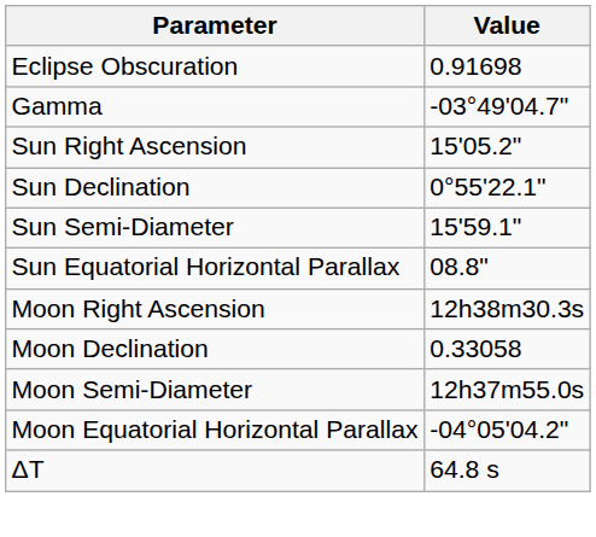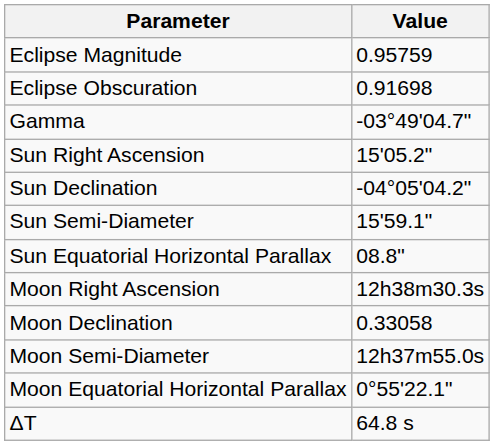 <table class="wikitable">
 <tr>
 <th>Parameter</th>
 <th>Value</th>
+</tr>
+<tr>
+<td>Eclipse Magnitude</td>
+<td>0.95759</td>
 </tr>
 <tr>
 <td>Eclipse Obscuration</td>
 <td>0.91698</td>
 </tr>
 <tr>
 <td>Gamma</td>
 <td>-03°49'04.7"</td>
 </tr>
 <tr>
 <td>Sun Right Ascension</td>
 <td>15'05.2"</td>
 </tr>
 <tr>
 <td>Sun Declination</td>
-<td>0°55'22.1"</td>
+<td>-04°05'04.2"</td>
 </tr>
 <tr>
 <td>Sun Semi-Diameter</td>
 <td>15'59.1"</td>
 </tr>
 <tr>
 <td>Sun Equatorial Horizontal Parallax</td>
 <td>08.8"</td>
 </tr>
 <tr>
 <td>Moon Right Ascension</td>
 <td>12h38m30.3s</td>
 </tr>
 <tr>
 <td>Moon Declination</td>
 <td>0.33058</td>
 </tr>
 <tr>
 <td>Moon Semi-Diameter</td>
 <td>12h37m55.0s</td>
 </tr>
 <tr>
 <td>Moon Equatorial Horizontal Parallax</td>
-<td>-04°05'04.2"</td>
+<td>0°55'22.1"</td>
 </tr>
 <tr>
 <td>ΔT</td>
 <td>64.8 s</td>
 </tr>
 </table>
